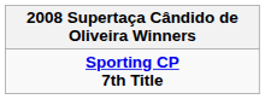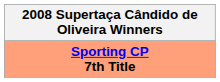 <table class="wikitable" style="text-align: center; margin: 0 auto; width: 20%">
 <tr>
 <th>2008 Supertaça Cândido de Oliveira Winners</th>
 </tr>
 <tr>
-<td><strong><a href='#'>Sporting CP</a></strong><br><strong>7th Title</strong></td>
+<td style="background: lightsalmon;"><strong><a href='#'>Sporting CP</a></strong><br><strong>7th Title</strong></td>
 </tr>
 </table>
